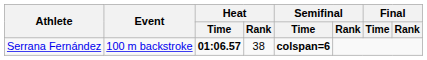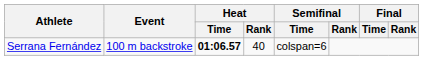 <table class=wikitable style=font-size:90%;text-align:center>
 <tr>
 <th rowspan=2>Athlete</th>
 <th rowspan=2>Event</th>
 <th colspan=2>Heat</th>
 <th colspan=2>Semifinal</th>
 <th colspan=2>Final</th>
 </tr>
 <tr style=font-size:95%>
 <th>Time</th>
 <th>Rank</th>
 <th>Time</th>
 <th>Rank</th>
 <th>Time</th>
 <th>Rank</th>
 </tr>
 <tr>
 <td align=left><a href='#'>Serrana Fernández</a></td>
 <td align=left><a href='#'>100 m backstroke</a></td>
 <td><strong>01:06.57</strong></td>
-<td>38</td>
-<td><strong>colspan=6 </strong></td>
+<td>40</td>
+<td>colspan=6 </td>
 </tr>
 </table>
